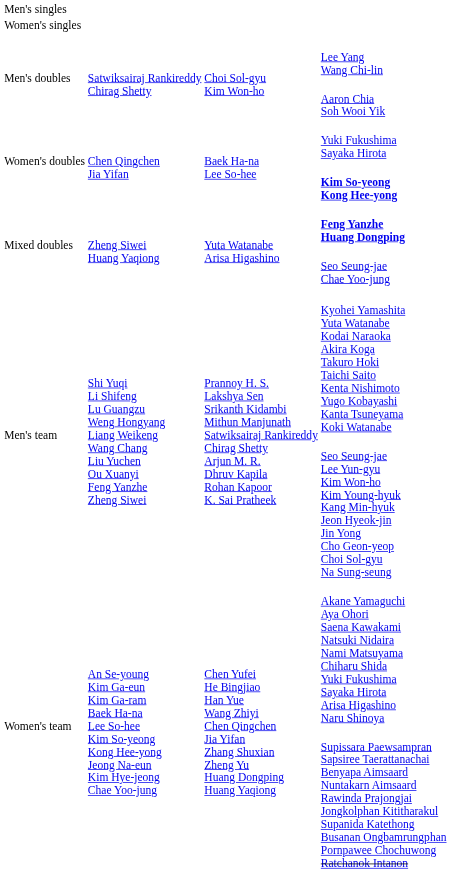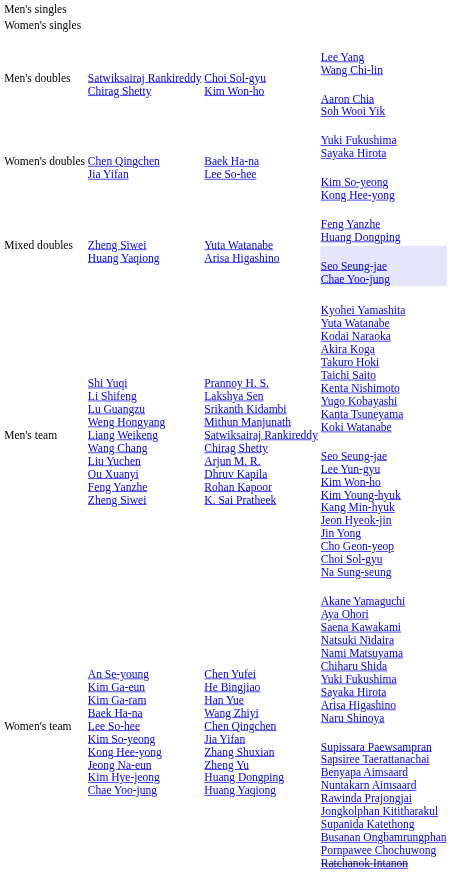 <table>
 <tr>
 <td rowspan="2">Men's singles<br></td>
 <td rowspan="2"></td>
 <td rowspan="2"></td>
 <td></td>
 </tr>
 <tr>
 <td></td>
 </tr>
 <tr>
 <td rowspan="2">Women's singles<br></td>
 <td rowspan="2"></td>
 <td rowspan="2"></td>
 <td></td>
 </tr>
 <tr>
 <td></td>
 </tr>
 <tr>
 <th colspan="4"></th>
 </tr>
 <tr>
 <td rowspan="2">Men's doubles<br></td>
 <td rowspan="2"><br><a href='#'>Satwiksairaj Rankireddy</a><br><a href='#'>Chirag Shetty</a></td>
 <td rowspan="2"><br><a href='#'>Choi Sol-gyu</a><br><a href='#'>Kim Won-ho</a></td>
 <td><br><a href='#'>Lee Yang</a><br><a href='#'>Wang Chi-lin</a></td>
 </tr>
 <tr>
 <td><br><a href='#'>Aaron Chia</a><br><a href='#'>Soh Wooi Yik</a></td>
 </tr>
 <tr>
 <td rowspan="2">Women's doubles<br></td>
 <td rowspan="2"><br><a href='#'>Chen Qingchen</a><br><a href='#'>Jia Yifan</a></td>
 <td rowspan="2"><br><a href='#'>Baek Ha-na</a><br><a href='#'>Lee So-hee</a></td>
 <td><br><a href='#'>Yuki Fukushima</a><br><a href='#'>Sayaka Hirota</a></td>
 </tr>
 <tr>
-<td><strong><br><a href='#'>Kim So-yeong</a><br><a href='#'>Kong Hee-yong</a></strong></td>
+<td><br><a href='#'>Kim So-yeong</a><br><a href='#'>Kong Hee-yong</a></td>
 </tr>
 <tr>
 <td rowspan="2">Mixed doubles<br></td>
 <td rowspan="2"><br><a href='#'>Zheng Siwei</a><br><a href='#'>Huang Yaqiong</a></td>
 <td rowspan="2"><br><a href='#'>Yuta Watanabe</a><br><a href='#'>Arisa Higashino</a></td>
-<td><strong><br><a href='#'>Feng Yanzhe</a><br><a href='#'>Huang Dongping</a></strong></td>
+<td><br><a href='#'>Feng Yanzhe</a><br><a href='#'>Huang Dongping</a></td>
 </tr>
 <tr>
-<td><br><a href='#'>Seo Seung-jae</a><br><a href='#'>Chae Yoo-jung</a></td>
+<td style="background: lavender;"><br><a href='#'>Seo Seung-jae</a><br><a href='#'>Chae Yoo-jung</a></td>
 </tr>
 <tr>
 <th colspan="4"></th>
 </tr>
 <tr>
 <td rowspan="2">Men's team<br></td>
 <td rowspan="2"><br><a href='#'>Shi Yuqi</a><br><a href='#'>Li Shifeng</a><br><a href='#'>Lu Guangzu</a><br><a href='#'>Weng Hongyang</a><br><a href='#'>Liang Weikeng</a><br><a href='#'>Wang Chang</a><br><a href='#'>Liu Yuchen</a><br><a href='#'>Ou Xuanyi</a><br><a href='#'>Feng Yanzhe</a><br><a href='#'>Zheng Siwei</a></td>
 <td rowspan="2"><br><a href='#'>Prannoy H. S.</a><br><a href='#'>Lakshya Sen</a><br><a href='#'>Srikanth Kidambi</a><br><a href='#'>Mithun Manjunath</a><br><a href='#'>Satwiksairaj Rankireddy</a><br><a href='#'>Chirag Shetty</a><br><a href='#'>Arjun M. R.</a><br><a href='#'>Dhruv Kapila</a><br><a href='#'>Rohan Kapoor</a><br><a href='#'>K. Sai Pratheek</a></td>
 <td><br><a href='#'>Kyohei Yamashita</a><br><a href='#'>Yuta Watanabe</a><br><a href='#'>Kodai Naraoka</a><br><a href='#'>Akira Koga</a><br><a href='#'>Takuro Hoki</a><br><a href='#'>Taichi Saito</a><br><a href='#'>Kenta Nishimoto</a><br><a href='#'>Yugo Kobayashi</a><br><a href='#'>Kanta Tsuneyama</a><br><a href='#'>Koki Watanabe</a></td>
 </tr>
 <tr>
 <td><br><a href='#'>Seo Seung-jae</a><br><a href='#'>Lee Yun-gyu</a><br><a href='#'>Kim Won-ho</a><br><a href='#'>Kim Young-hyuk</a><br><a href='#'>Kang Min-hyuk</a><br><a href='#'>Jeon Hyeok-jin</a><br><a href='#'>Jin Yong</a><br><a href='#'>Cho Geon-yeop</a><br><a href='#'>Choi Sol-gyu</a><br><a href='#'>Na Sung-seung</a></td>
 </tr>
 <tr>
 <td rowspan="2">Women's team<br></td>
 <td rowspan="2"><br><a href='#'>An Se-young</a><br><a href='#'>Kim Ga-eun</a><br><a href='#'>Kim Ga-ram</a><br><a href='#'>Baek Ha-na</a><br><a href='#'>Lee So-hee</a><br><a href='#'>Kim So-yeong</a><br><a href='#'>Kong Hee-yong</a><br><a href='#'>Jeong Na-eun</a><br><a href='#'>Kim Hye-jeong</a><br><a href='#'>Chae Yoo-jung</a></td>
 <td rowspan="2"><br><a href='#'>Chen Yufei</a><br><a href='#'>He Bingjiao</a><br><a href='#'>Han Yue</a><br><a href='#'>Wang Zhiyi</a><br><a href='#'>Chen Qingchen</a><br><a href='#'>Jia Yifan</a><br><a href='#'>Zhang Shuxian</a><br><a href='#'>Zheng Yu</a><br><a href='#'>Huang Dongping</a><br><a href='#'>Huang Yaqiong</a></td>
 <td><br><a href='#'>Akane Yamaguchi</a><br><a href='#'>Aya Ohori</a><br><a href='#'>Saena Kawakami</a><br><a href='#'>Natsuki Nidaira</a><br><a href='#'>Nami Matsuyama</a><br><a href='#'>Chiharu Shida</a><br><a href='#'>Yuki Fukushima</a><br><a href='#'>Sayaka Hirota</a><br><a href='#'>Arisa Higashino</a><br><a href='#'>Naru Shinoya</a></td>
 </tr>
 <tr>
 <td><br><a href='#'>Supissara Paewsampran</a><br><a href='#'>Sapsiree Taerattanachai</a><br><a href='#'>Benyapa Aimsaard</a><br><a href='#'>Nuntakarn Aimsaard</a><br><a href='#'>Rawinda Prajongjai</a><br><a href='#'>Jongkolphan Kititharakul</a><br><a href='#'>Supanida Katethong</a><br><a href='#'>Busanan Ongbamrungphan</a><br><a href='#'>Pornpawee Chochuwong</a><br><s><a href='#'>Ratchanok Intanon</a></s></td>
 </tr>
 </table>
